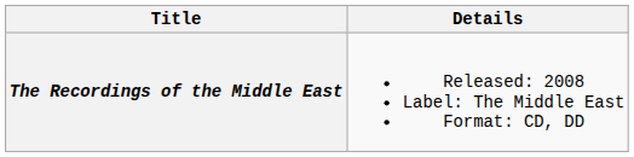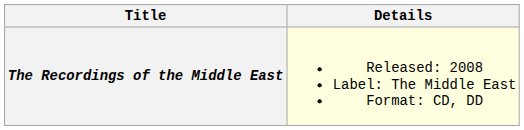 <table class="wikitable plainrowheaders" style="text-align:center;" border="1">
 <tr>
 <th>Title</th>
 <th>Details</th>
 </tr>
 <tr>
 <th scope="row"><em>The Recordings of the Middle East</em></th>
-<td><br><ul><li>Released: 2008</li><li>Label: The Middle East</li><li>Format: CD, DD</li></ul></td>
+<td style="background: lightyellow;"><br><ul><li>Released: 2008</li><li>Label: The Middle East</li><li>Format: CD, DD</li></ul></td>
 </tr>
 </table>
